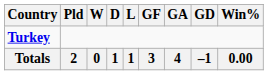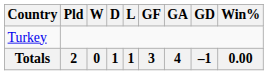 <table class="wikitable sortable" style="text-align:center">
 <tr>
 <th>Country</th>
 <th>Pld</th>
 <th>W</th>
 <th>D</th>
 <th>L</th>
 <th>GF</th>
 <th>GA</th>
 <th>GD</th>
 <th>Win%</th>
 </tr>
 <tr>
-<td align=left><strong> <a href='#'>Turkey</a><br></strong></td>
+<td align=left> <a href='#'>Turkey</a><br></td>
 </tr>
 <tr class="sortbottom">
 <th>Totals</th>
 <th><strong>2</strong></th>
 <th><strong>0</strong></th>
 <th><strong>1</strong></th>
 <th><strong>1</strong></th>
 <th><strong>3</strong></th>
 <th><strong>4</strong></th>
 <th><strong>–1</strong></th>
 <th><strong>0.00</strong></th>
 </tr>
 </table>
